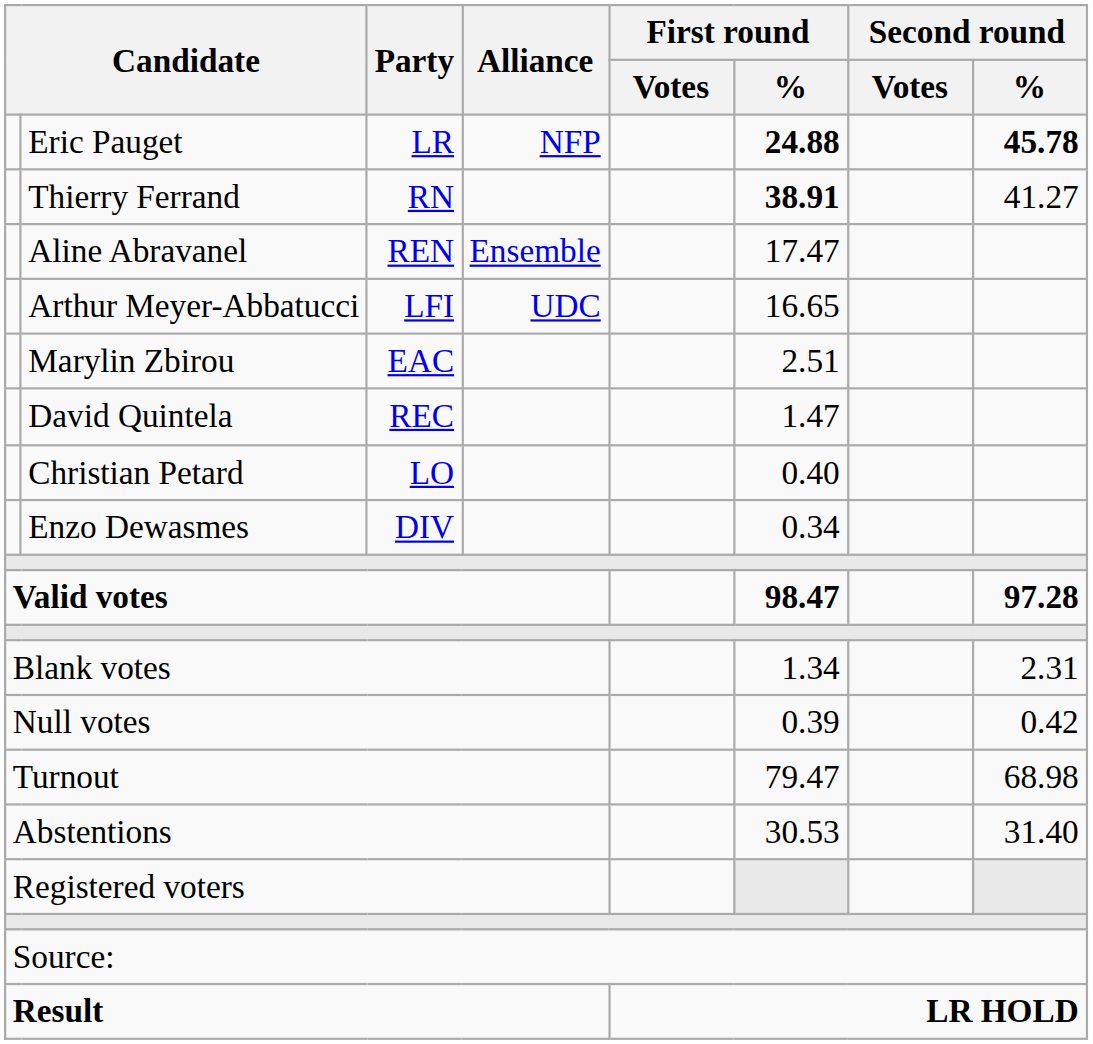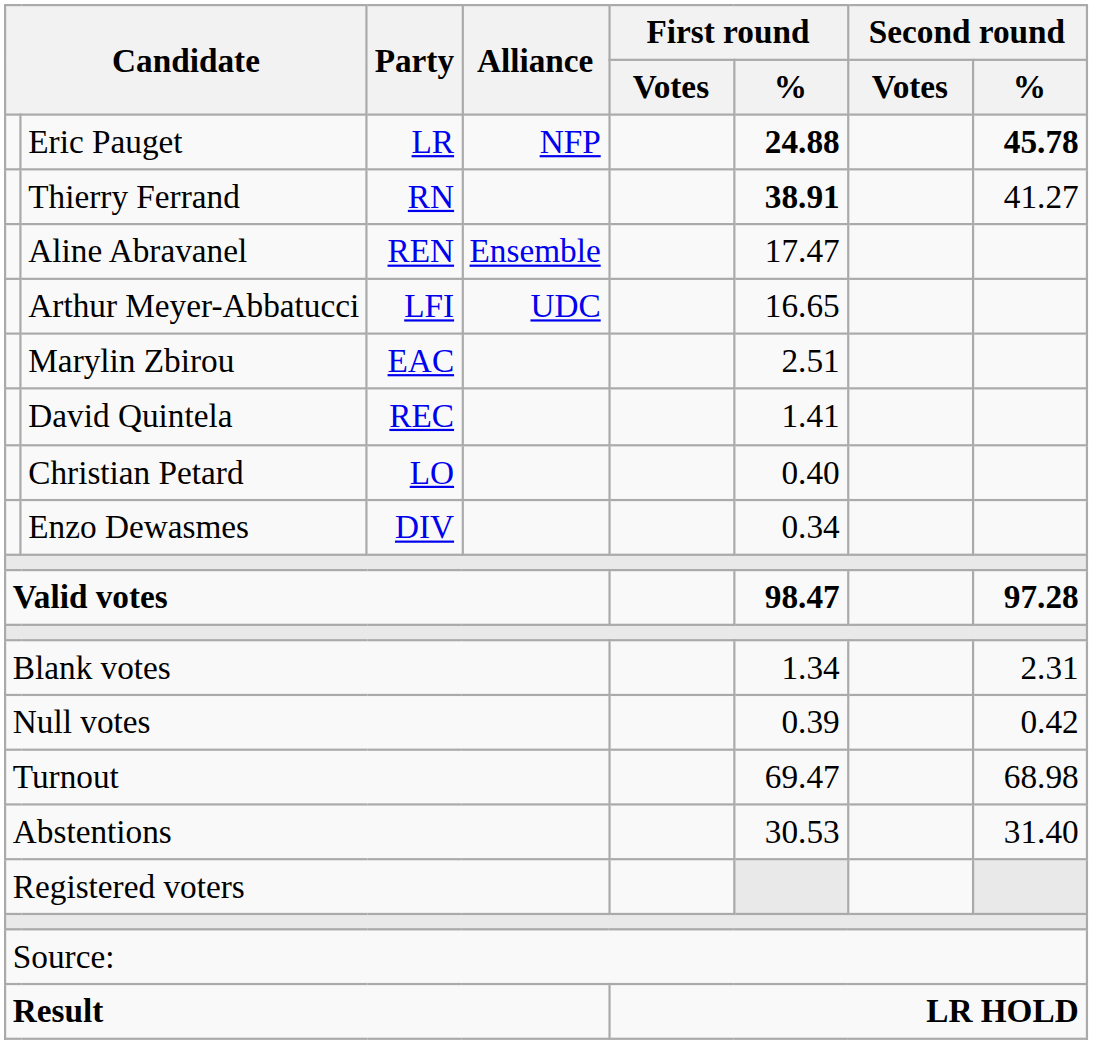 <table class="wikitable" style="text-align:right;font-size:95%;">
 <tr>
 <th colspan="2" rowspan="2">Candidate</th>
 <th colspan="1" rowspan="2">Party</th>
 <th colspan="1" rowspan="2">Alliance</th>
 <th colspan="2">First round</th>
 <th colspan="2">Second round</th>
 </tr>
 <tr>
 <th style="width:50px;">Votes</th>
 <th style="width:45px;">%</th>
 <th style="width:50px;">Votes</th>
 <th style="width:45px;">%</th>
 </tr>
 <tr>
 <td style="color:inherit;background:"></td>
 <td style="text-align:left;">Eric Pauget</td>
 <td><a href='#'>LR</a></td>
 <td><a href='#'>NFP</a></td>
 <td></td>
 <td><strong>24.88</strong></td>
 <td><strong></strong></td>
 <td><strong>45.78</strong></td>
 </tr>
 <tr>
 <td style="color:inherit;background:"></td>
 <td style="text-align:left;">Thierry Ferrand</td>
 <td><a href='#'>RN</a></td>
 <td></td>
 <td><strong></strong></td>
 <td><strong>38.91</strong></td>
 <td></td>
 <td>41.27</td>
 </tr>
 <tr>
 <td style="color:inherit;background:"></td>
 <td style="text-align:left;">Aline Abravanel</td>
 <td><a href='#'>REN</a></td>
 <td><a href='#'>Ensemble</a></td>
 <td></td>
 <td>17.47</td>
 <td></td>
 <td></td>
 </tr>
 <tr>
 <td style="color:inherit;background:"></td>
 <td style="text-align:left;">Arthur Meyer-Abbatucci</td>
 <td><a href='#'>LFI</a></td>
 <td><a href='#'>UDC</a></td>
 <td></td>
 <td>16.65</td>
 <td></td>
 <td></td>
 </tr>
 <tr>
 <td style="color:inherit;background:"></td>
 <td style="text-align:left;">Marylin Zbirou</td>
 <td><a href='#'>EAC</a></td>
 <td></td>
 <td></td>
 <td>2.51</td>
 <td></td>
 <td></td>
 </tr>
 <tr>
 <td style="color:inherit;background:"></td>
 <td style="text-align:left;">David Quintela</td>
 <td><a href='#'>REC</a></td>
 <td></td>
 <td></td>
-<td>1.47</td>
+<td>1.41</td>
 <td></td>
 <td></td>
 </tr>
 <tr>
 <td style="color:inherit;background:"></td>
 <td style="text-align:left;">Christian Petard</td>
 <td><a href='#'>LO</a></td>
 <td></td>
 <td></td>
 <td>0.40</td>
 <td></td>
 <td></td>
 </tr>
 <tr>
 <td style="color:inherit;background:"></td>
 <td style="text-align:left;">Enzo Dewasmes</td>
 <td><a href='#'>DIV</a></td>
 <td></td>
 <td></td>
 <td>0.34</td>
 <td></td>
 <td></td>
 </tr>
 <tr>
 <td colspan="8" style="background:#E9E9E9;"></td>
 </tr>
 <tr style="font-weight:bold;">
 <td colspan="4" style="text-align:left;">Valid votes</td>
 <td></td>
 <td>98.47</td>
 <td></td>
 <td>97.28</td>
 </tr>
 <tr>
 <td colspan="8" style="background:#E9E9E9;"></td>
 </tr>
 <tr>
 <td colspan="4" style="text-align:left;">Blank votes</td>
 <td></td>
 <td>1.34</td>
 <td></td>
 <td>2.31</td>
 </tr>
 <tr>
 <td colspan="4" style="text-align:left;">Null votes</td>
 <td></td>
 <td>0.39</td>
 <td></td>
 <td>0.42</td>
 </tr>
 <tr>
 <td colspan="4" style="text-align:left;">Turnout</td>
 <td></td>
-<td>79.47</td>
+<td>69.47</td>
 <td></td>
 <td>68.98</td>
 </tr>
 <tr>
 <td colspan="4" style="text-align:left;">Abstentions</td>
 <td></td>
 <td>30.53</td>
 <td></td>
 <td>31.40</td>
 </tr>
 <tr>
 <td colspan="4" style="text-align:left;">Registered voters</td>
 <td></td>
 <td style="background:#E9E9E9;"></td>
 <td></td>
 <td style="background:#E9E9E9;"></td>
 </tr>
 <tr>
 <td colspan="8" style="background:#E9E9E9;"></td>
 </tr>
 <tr>
 <td colspan="8" style="text-align:left;">Source: </td>
 </tr>
 <tr style="font-weight:bold">
 <td colspan="4" style="text-align:left;">Result</td>
 <td colspan="4" style="background-color:">LR HOLD</td>
 </tr>
 </table>
